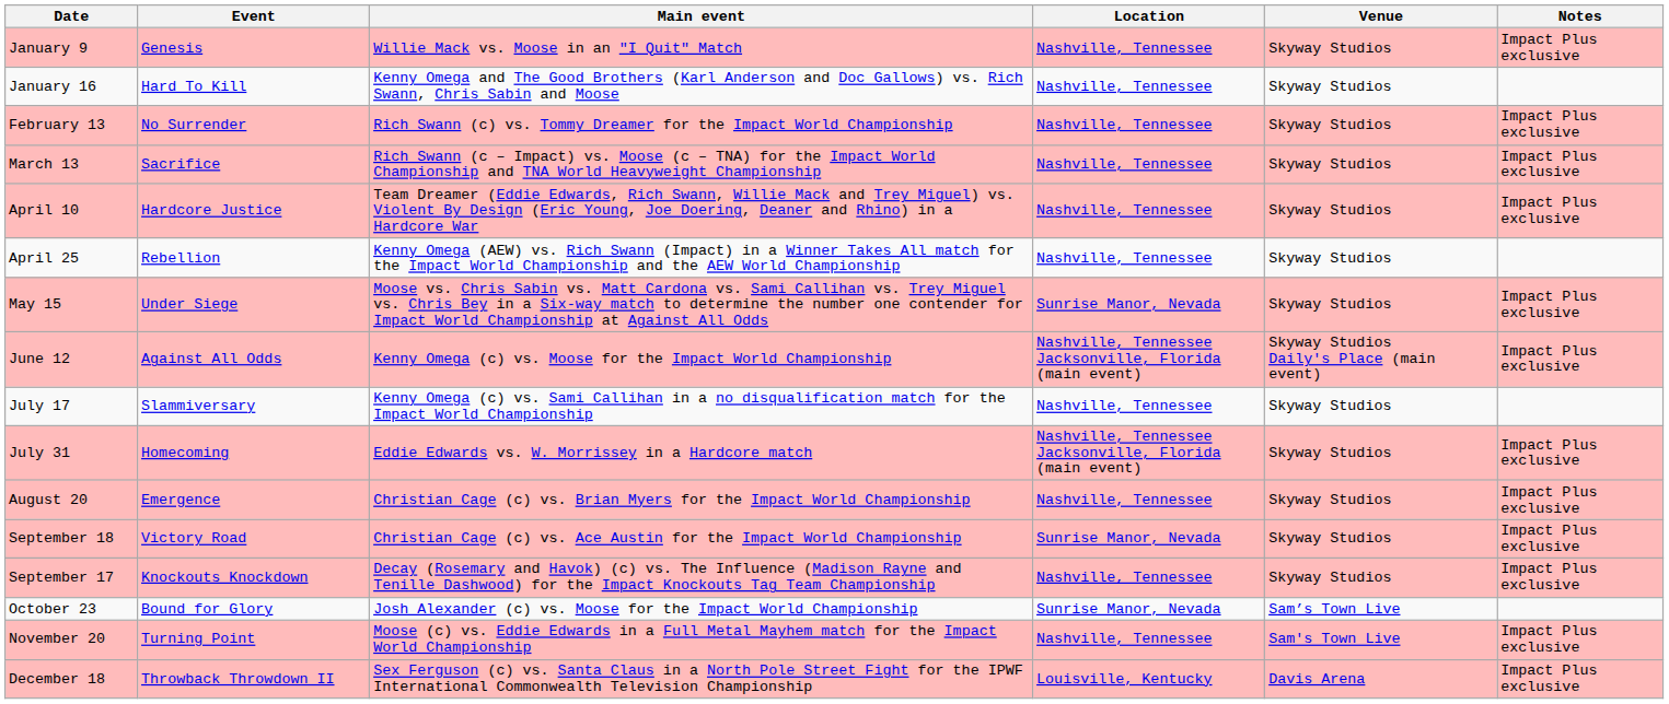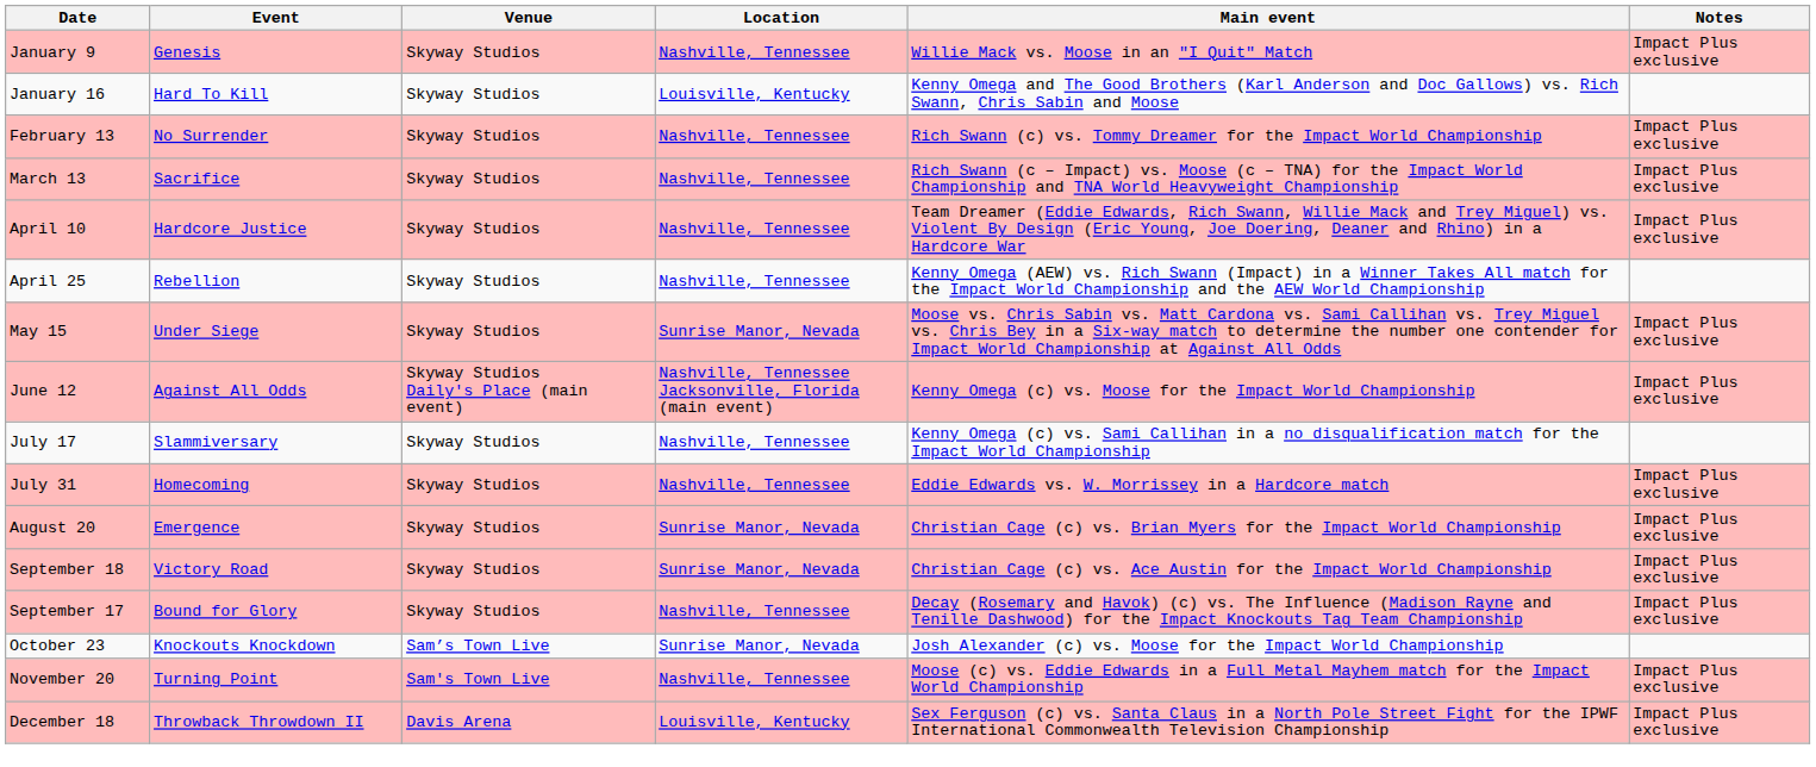 <table class="sortable wikitable succession-box" style="font-size:85%;">
 <tr>
 <th width=8%>Date</th>
 <th width=14%>Event</th>
+<th width=14%>Venue</th>
+<th width=14%>Location</th>
 <th width=40%>Main event</th>
-<th width=14%>Location</th>
-<th width=14%>Venue</th>
 <th width=14%>Notes</th>
 </tr>
 <tr style="background: #FBB">
 <td>January 9</td>
 <td><a href='#'>Genesis</a></td>
+<td>Skyway Studios</td>
+<td><a href='#'>Nashville, Tennessee</a></td>
 <td><a href='#'>Willie Mack</a> vs. <a href='#'>Moose</a> in an <a href='#'>"I Quit" Match</a></td>
-<td><a href='#'>Nashville, Tennessee</a></td>
-<td>Skyway Studios</td>
 <td>Impact Plus exclusive</td>
 </tr>
 <tr>
 <td>January 16</td>
 <td><a href='#'>Hard To Kill</a></td>
+<td>Skyway Studios</td>
+<td><a href='#'>Louisville, Kentucky</a></td>
 <td><a href='#'>Kenny Omega</a> and <a href='#'>The Good Brothers</a> (<a href='#'>Karl Anderson</a> and <a href='#'>Doc Gallows</a>) vs. <a href='#'>Rich Swann</a>, <a href='#'>Chris Sabin</a> and <a href='#'>Moose</a></td>
-<td><a href='#'>Nashville, Tennessee</a></td>
-<td>Skyway Studios</td>
 <td></td>
 </tr>
 <tr style="background: #FBB">
 <td>February 13</td>
 <td><a href='#'>No Surrender</a></td>
+<td>Skyway Studios</td>
+<td><a href='#'>Nashville, Tennessee</a></td>
 <td><a href='#'>Rich Swann</a> (c) vs. <a href='#'>Tommy Dreamer</a> for the <a href='#'>Impact World Championship</a></td>
-<td><a href='#'>Nashville, Tennessee</a></td>
-<td>Skyway Studios</td>
 <td>Impact Plus exclusive</td>
 </tr>
 <tr style="background: #FBB">
 <td>March 13</td>
 <td><a href='#'>Sacrifice</a></td>
+<td>Skyway Studios</td>
+<td><a href='#'>Nashville, Tennessee</a></td>
 <td><a href='#'>Rich Swann</a> (c – Impact) vs. <a href='#'>Moose</a> (c – TNA) for the <a href='#'>Impact World Championship</a> and <a href='#'>TNA World Heavyweight Championship</a></td>
-<td><a href='#'>Nashville, Tennessee</a></td>
-<td>Skyway Studios</td>
 <td>Impact Plus exclusive</td>
 </tr>
 <tr style="background: #FBB">
 <td>April 10</td>
 <td><a href='#'>Hardcore Justice</a></td>
+<td>Skyway Studios</td>
+<td><a href='#'>Nashville, Tennessee</a></td>
 <td>Team Dreamer (<a href='#'>Eddie Edwards</a>, <a href='#'>Rich Swann</a>, <a href='#'>Willie Mack</a> and <a href='#'>Trey Miguel</a>) vs. <a href='#'>Violent By Design</a> (<a href='#'>Eric Young</a>, <a href='#'>Joe Doering</a>, <a href='#'>Deaner</a> and <a href='#'>Rhino</a>) in a <a href='#'>Hardcore War</a></td>
-<td><a href='#'>Nashville, Tennessee</a></td>
-<td>Skyway Studios</td>
 <td>Impact Plus exclusive</td>
 </tr>
 <tr>
 <td>April 25</td>
 <td><a href='#'>Rebellion</a></td>
+<td>Skyway Studios</td>
+<td><a href='#'>Nashville, Tennessee</a></td>
 <td><a href='#'>Kenny Omega</a> (AEW) vs. <a href='#'>Rich Swann</a> (Impact) in a <a href='#'>Winner Takes All match</a> for the <a href='#'>Impact World Championship</a> and the <a href='#'>AEW World Championship</a></td>
-<td><a href='#'>Nashville, Tennessee</a></td>
-<td>Skyway Studios</td>
 <td></td>
 </tr>
 <tr style="background: #FBB">
 <td>May 15</td>
 <td><a href='#'>Under Siege</a></td>
+<td>Skyway Studios</td>
+<td><a href='#'>Sunrise Manor, Nevada</a></td>
 <td><a href='#'>Moose</a> vs. <a href='#'>Chris Sabin</a> vs. <a href='#'>Matt Cardona</a> vs. <a href='#'>Sami Callihan</a> vs. <a href='#'>Trey Miguel</a> vs. <a href='#'>Chris Bey</a> in a <a href='#'>Six-way match</a> to determine the number one contender for <a href='#'>Impact World Championship</a> at <a href='#'>Against All Odds</a></td>
-<td><a href='#'>Sunrise Manor, Nevada</a></td>
-<td>Skyway Studios</td>
 <td>Impact Plus exclusive</td>
 </tr>
 <tr style="background: #FBB">
 <td>June 12</td>
 <td><a href='#'>Against All Odds</a></td>
+<td>Skyway Studios<br><a href='#'>Daily's Place</a> (main event)</td>
+<td><a href='#'>Nashville, Tennessee</a><br><a href='#'>Jacksonville, Florida</a> (main event)</td>
 <td><a href='#'>Kenny Omega</a> (c) vs. <a href='#'>Moose</a> for the <a href='#'>Impact World Championship</a></td>
-<td><a href='#'>Nashville, Tennessee</a><br><a href='#'>Jacksonville, Florida</a> (main event)</td>
-<td>Skyway Studios<br><a href='#'>Daily's Place</a> (main event)</td>
 <td>Impact Plus exclusive</td>
 </tr>
 <tr>
 <td>July 17</td>
 <td><a href='#'>Slammiversary</a></td>
+<td>Skyway Studios</td>
+<td><a href='#'>Nashville, Tennessee</a></td>
 <td><a href='#'>Kenny Omega</a> (c) vs. <a href='#'>Sami Callihan</a> in a <a href='#'>no disqualification match</a> for the <a href='#'>Impact World Championship</a></td>
-<td><a href='#'>Nashville, Tennessee</a></td>
-<td>Skyway Studios</td>
 <td></td>
 </tr>
 <tr style="background: #FBB">
 <td>July 31</td>
 <td><a href='#'>Homecoming</a></td>
+<td>Skyway Studios</td>
+<td><a href='#'>Nashville, Tennessee</a></td>
 <td><a href='#'>Eddie Edwards</a> vs. <a href='#'>W. Morrissey</a> in a <a href='#'>Hardcore match</a></td>
-<td><a href='#'>Nashville, Tennessee</a><br><a href='#'>Jacksonville, Florida</a> (main event)</td>
-<td>Skyway Studios</td>
 <td>Impact Plus exclusive</td>
 </tr>
 <tr style="background: #FBB">
 <td>August 20</td>
 <td><a href='#'>Emergence</a></td>
+<td>Skyway Studios</td>
+<td><a href='#'>Sunrise Manor, Nevada</a></td>
 <td><a href='#'>Christian Cage</a> (c) vs. <a href='#'>Brian Myers</a> for the <a href='#'>Impact World Championship</a></td>
-<td><a href='#'>Nashville, Tennessee</a></td>
-<td>Skyway Studios</td>
 <td>Impact Plus exclusive</td>
 </tr>
 <tr style="background: #FBB">
 <td>September 18</td>
 <td><a href='#'>Victory Road</a></td>
+<td>Skyway Studios</td>
+<td><a href='#'>Sunrise Manor, Nevada</a></td>
 <td><a href='#'>Christian Cage</a> (c) vs. <a href='#'>Ace Austin</a> for the <a href='#'>Impact World Championship</a></td>
-<td><a href='#'>Sunrise Manor, Nevada</a></td>
-<td>Skyway Studios</td>
 <td>Impact Plus exclusive</td>
 </tr>
 <tr style="background: #FBB">
 <td>September 17<br></td>
-<td><a href='#'>Knockouts Knockdown</a></td>
+<td><a href='#'>Bound for Glory</a></td>
+<td>Skyway Studios</td>
+<td><a href='#'>Nashville, Tennessee</a></td>
 <td><a href='#'>Decay</a> (<a href='#'>Rosemary</a> and <a href='#'>Havok</a>) (c) vs. The Influence (<a href='#'>Madison Rayne</a> and <a href='#'>Tenille Dashwood</a>) for the <a href='#'>Impact Knockouts Tag Team Championship</a></td>
-<td><a href='#'>Nashville, Tennessee</a></td>
-<td>Skyway Studios</td>
 <td>Impact Plus exclusive</td>
 </tr>
 <tr>
 <td>October 23</td>
-<td><a href='#'>Bound for Glory</a></td>
+<td><a href='#'>Knockouts Knockdown</a></td>
+<td><a href='#'>Sam’s Town Live</a></td>
+<td><a href='#'>Sunrise Manor, Nevada</a></td>
 <td><a href='#'>Josh Alexander</a> (c) vs. <a href='#'>Moose</a> for the <a href='#'>Impact World Championship</a></td>
-<td><a href='#'>Sunrise Manor, Nevada</a></td>
-<td><a href='#'>Sam’s Town Live</a></td>
 <td></td>
 </tr>
 <tr style="background: #FBB">
 <td>November 20</td>
 <td><a href='#'>Turning Point</a></td>
+<td><a href='#'>Sam's Town Live</a></td>
+<td><a href='#'>Nashville, Tennessee</a></td>
 <td><a href='#'>Moose</a> (c) vs. <a href='#'>Eddie Edwards</a> in a <a href='#'>Full Metal Mayhem match</a> for the <a href='#'>Impact World Championship</a></td>
-<td><a href='#'>Nashville, Tennessee</a></td>
-<td><a href='#'>Sam's Town Live</a></td>
 <td>Impact Plus exclusive</td>
 </tr>
 <tr style="background: #FBB">
 <td>December 18</td>
 <td><a href='#'>Throwback Throwdown II</a></td>
+<td><a href='#'>Davis Arena</a></td>
+<td><a href='#'>Louisville, Kentucky</a></td>
 <td><a href='#'>Sex Ferguson</a> (c) vs. <a href='#'>Santa Claus</a> in a <a href='#'>North Pole Street Fight</a> for the IPWF International Commonwealth Television Championship</td>
-<td><a href='#'>Louisville, Kentucky</a></td>
-<td><a href='#'>Davis Arena</a></td>
 <td>Impact Plus exclusive</td>
 </tr>
 </table>
